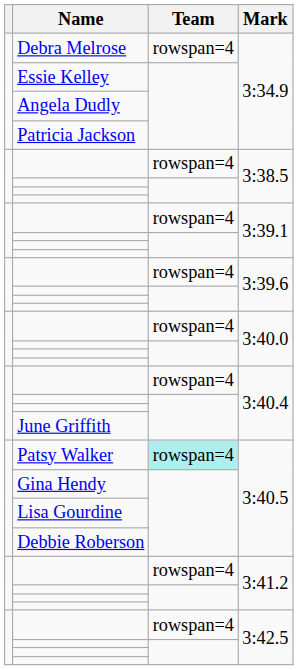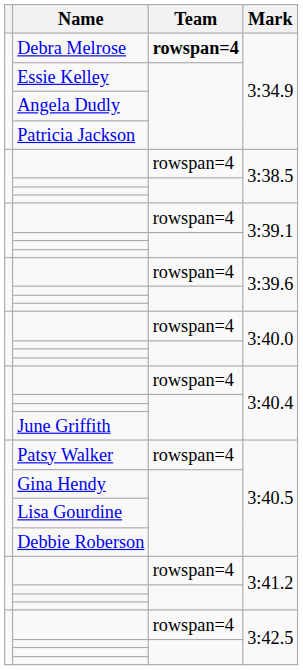 <table class=wikitable>
 <tr>
 <th></th>
 <th>Name</th>
 <th>Team</th>
 <th>Mark</th>
 </tr>
 <tr>
 <td rowspan=4></td>
 <td><a href='#'>Debra Melrose</a></td>
-<td>rowspan=4 </td>
+<td><strong>rowspan=4 </strong></td>
 <td rowspan=4>3:34.9</td>
 </tr>
 <tr>
 <td><a href='#'>Essie Kelley</a></td>
 </tr>
 <tr>
 <td><a href='#'>Angela Dudly</a></td>
 </tr>
 <tr>
 <td><a href='#'>Patricia Jackson</a></td>
 </tr>
 <tr>
 <td rowspan=4></td>
 <td></td>
 <td>rowspan=4 </td>
 <td rowspan=4>3:38.5</td>
 </tr>
 <tr>
 <td></td>
 </tr>
 <tr>
 <td></td>
 </tr>
 <tr>
 <td></td>
 </tr>
 <tr>
 <td rowspan=4></td>
 <td></td>
 <td>rowspan=4 </td>
 <td rowspan=4>3:39.1</td>
 </tr>
 <tr>
 <td></td>
 </tr>
 <tr>
 <td></td>
 </tr>
 <tr>
 <td></td>
 </tr>
 <tr>
 <td rowspan=4></td>
 <td></td>
 <td>rowspan=4 </td>
 <td rowspan=4>3:39.6</td>
 </tr>
 <tr>
 <td></td>
 </tr>
 <tr>
 <td></td>
 </tr>
 <tr>
 <td></td>
 </tr>
 <tr>
 <td rowspan=4></td>
 <td></td>
 <td>rowspan=4 </td>
 <td rowspan=4>3:40.0</td>
 </tr>
 <tr>
 <td></td>
 </tr>
 <tr>
 <td></td>
 </tr>
 <tr>
 <td></td>
 </tr>
 <tr>
 <td rowspan=4></td>
 <td></td>
 <td>rowspan=4 </td>
 <td rowspan=4>3:40.4</td>
 </tr>
 <tr>
 <td></td>
 </tr>
 <tr>
 <td></td>
 </tr>
 <tr>
 <td><a href='#'>June Griffith</a></td>
 </tr>
 <tr>
 <td rowspan=4></td>
 <td><a href='#'>Patsy Walker</a></td>
-<td style="background: paleturquoise;">rowspan=4 </td>
+<td>rowspan=4 </td>
 <td rowspan=4>3:40.5</td>
 </tr>
 <tr>
 <td><a href='#'>Gina Hendy</a></td>
 </tr>
 <tr>
 <td><a href='#'>Lisa Gourdine</a></td>
 </tr>
 <tr>
 <td><a href='#'>Debbie Roberson</a></td>
 </tr>
 <tr>
 <td rowspan=4></td>
 <td></td>
 <td>rowspan=4 </td>
 <td rowspan=4>3:41.2</td>
 </tr>
 <tr>
 <td></td>
 </tr>
 <tr>
 <td></td>
 </tr>
 <tr>
 <td></td>
 </tr>
 <tr>
 <td rowspan=4></td>
 <td></td>
 <td>rowspan=4 </td>
 <td rowspan=4>3:42.5</td>
 </tr>
 <tr>
 <td></td>
 </tr>
 <tr>
 <td></td>
 </tr>
 <tr>
 <td></td>
 </tr>
 </table>
